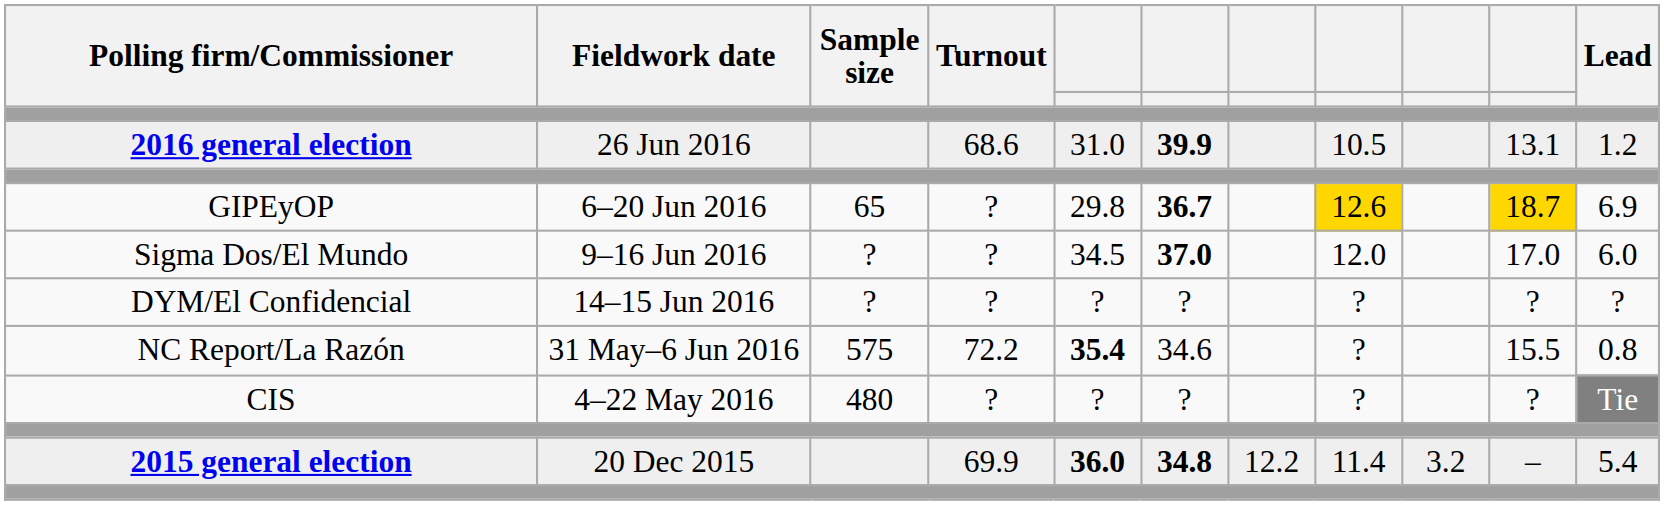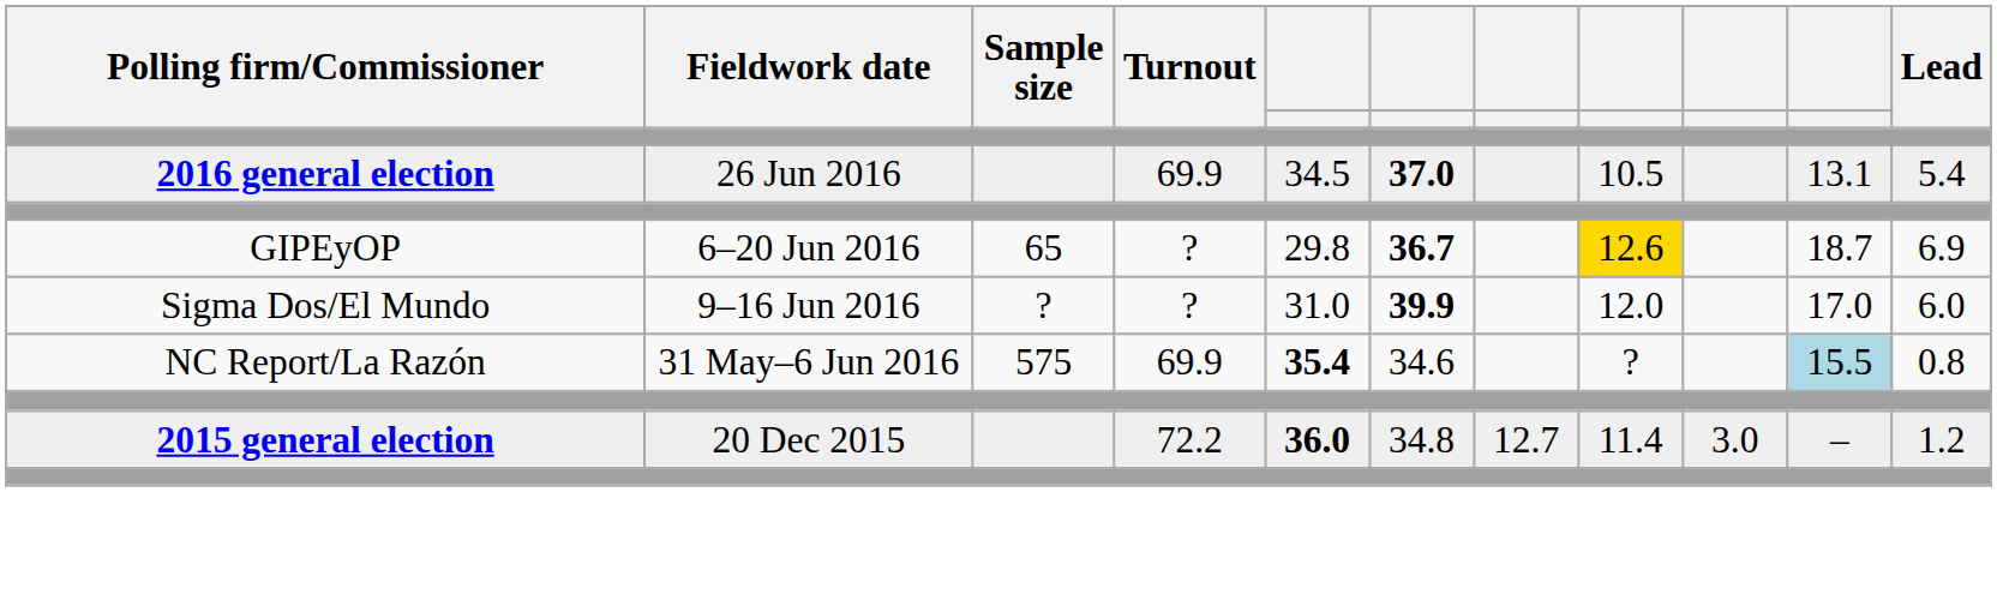 <table class="wikitable collapsible collapsed" style="text-align:center; font-size:95%; line-height:16px;">
 <tr style="height:42px; background-color:#E9E9E9">
 <th style="width:250px;" rowspan="2">Polling firm/Commissioner</th>
 <th style="width:125px;" rowspan="2">Fieldwork date</th>
 <th style="width:50px;" rowspan="2">Sample size</th>
 <th style="width:45px;" rowspan="2">Turnout</th>
 <th style="width:35px;"></th>
 <th style="width:35px;"></th>
 <th style="width:35px;"></th>
 <th style="width:35px;"></th>
 <th style="width:35px;"></th>
 <th style="width:35px;"></th>
 <th style="width:30px;" rowspan="2">Lead</th>
 </tr>
 <tr>
 <th style="color:inherit;background:"></th>
 <th style="color:inherit;background:"></th>
 <th style="color:inherit;background:"></th>
 <th style="color:inherit;background:"></th>
 <th style="color:inherit;background:"></th>
 <th style="color:inherit;background:"></th>
 </tr>
 <tr>
 <td colspan="11" style="background:#A0A0A0"></td>
 </tr>
 <tr style="background:#EFEFEF;">
 <td><strong><a href='#'>2016 general election</a></strong></td>
 <td>26 Jun 2016</td>
 <td></td>
-<td>68.6</td>
-<td>31.0<br></td>
-<td><strong>39.9</strong><br></td>
+<td>69.9</td>
+<td>34.5<br></td>
+<td><strong>37.0</strong><br></td>
 <td></td>
 <td>10.5<br></td>
 <td></td>
 <td>13.1<br></td>
-<td style="background:">1.2</td>
+<td style="background:">5.4</td>
 </tr>
 <tr>
 <td colspan="11" style="background:#A0A0A0"></td>
 </tr>
 <tr>
 <td>GIPEyOP</td>
 <td>6–20 Jun 2016</td>
 <td>65</td>
 <td>?</td>
 <td>29.8<br></td>
 <td><strong>36.7</strong><br></td>
 <td></td>
 <td style="background: gold;">12.6<br></td>
 <td></td>
-<td style="background: gold;">18.7<br></td>
+<td>18.7<br></td>
 <td style="background:">6.9</td>
 </tr>
 <tr>
 <td>Sigma Dos/El Mundo</td>
 <td>9–16 Jun 2016</td>
 <td>?</td>
 <td>?</td>
-<td>34.5<br></td>
-<td><strong>37.0</strong><br></td>
+<td>31.0<br></td>
+<td><strong>39.9</strong><br></td>
 <td></td>
 <td>12.0<br></td>
 <td></td>
 <td>17.0<br></td>
 <td style="background:">6.0</td>
 </tr>
 <tr>
-<td>DYM/El Confidencial</td>
-<td>14–15 Jun 2016</td>
-<td>?</td>
-<td>?</td>
-<td>?<br></td>
-<td>?<br></td>
-<td></td>
-<td>?<br></td>
-<td></td>
-<td>?<br></td>
-<td style="background:">?</td>
-</tr>
-<tr>
 <td>NC Report/La Razón</td>
 <td>31 May–6 Jun 2016</td>
 <td>575</td>
-<td>72.2</td>
+<td>69.9</td>
 <td><strong>35.4</strong><br></td>
 <td>34.6<br></td>
 <td></td>
 <td>?<br></td>
 <td></td>
-<td>15.5<br></td>
+<td style="background: lightblue;">15.5<br></td>
 <td style="background:">0.8</td>
-</tr>
-<tr>
-<td>CIS</td>
-<td>4–22 May 2016</td>
-<td>480</td>
-<td>?</td>
-<td>?<br></td>
-<td>?<br></td>
-<td></td>
-<td>?<br></td>
-<td></td>
-<td>?<br></td>
-<td style="background:gray;color:white;">Tie</td>
 </tr>
 <tr>
 <td colspan="11" style="background:#A0A0A0"></td>
 </tr>
 <tr style="background:#EFEFEF;">
 <td><strong><a href='#'>2015 general election</a></strong></td>
 <td>20 Dec 2015</td>
 <td></td>
-<td>69.9</td>
+<td>72.2</td>
 <td><strong>36.0</strong><br></td>
-<td><strong>34.8<br></strong></td>
-<td>12.2<br></td>
+<td>34.8<br></td>
+<td>12.7<br></td>
 <td>11.4<br></td>
-<td>3.2<br></td>
+<td>3.0<br></td>
 <td>–</td>
-<td style="background:">5.4</td>
+<td style="background:">1.2</td>
 </tr>
 <tr>
 <td colspan="11" style="background:#A0A0A0"></td>
 </tr>
 </table>
